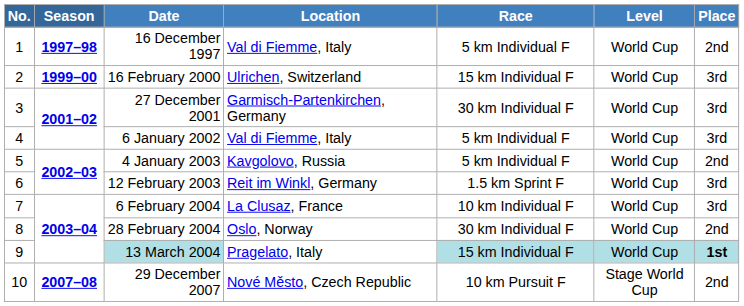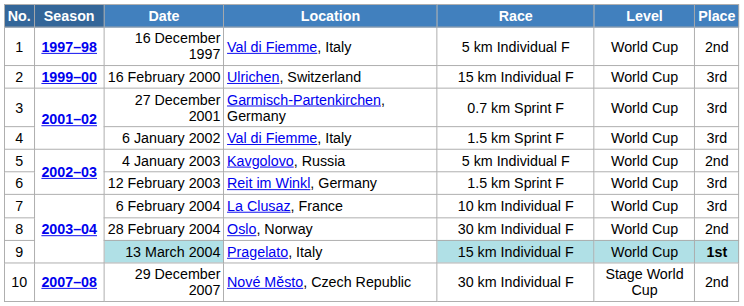 <table class="wikitable sortable" style="font-size:95%; text-align:center; border:grey solid 1px; border-collapse:collapse; background:#ffffff;">
 <tr style="background:#efefef;">
 <th style="background-color:#369; color:white;">No.</th>
 <th style="background-color:#369; color:white;">Season</th>
 <th style="background-color:#4180be; color:white; width:120px;">Date</th>
 <th style="background-color:#4180be; color:white; width:220px;">Location</th>
 <th style="background-color:#4180be; color:white; width:160px;">Race</th>
 <th style="background-color:#4180be; color:white; width:100px;">Level</th>
 <th style="background-color:#4180be; color:white;">Place</th>
 </tr>
 <tr>
 <td align=center>1</td>
 <td rowspan=1 align=center><strong> <a href='#'>1997–98</a> </strong></td>
 <td align=right>16 December 1997</td>
 <td align=left> <a href='#'>Val di Fiemme</a>, Italy</td>
 <td>5 km Individual F</td>
 <td>World Cup</td>
 <td>2nd</td>
 </tr>
 <tr>
 <td align=center>2</td>
 <td rowspan=1 align=center><strong> <a href='#'>1999–00</a> </strong></td>
 <td align=right>16 February 2000</td>
 <td align=left> <a href='#'>Ulrichen</a>, Switzerland</td>
 <td>15 km Individual F</td>
 <td>World Cup</td>
 <td>3rd</td>
 </tr>
 <tr>
 <td align=center>3</td>
 <td rowspan=2 align=center><strong> <a href='#'>2001–02</a> </strong></td>
 <td align=right>27 December 2001</td>
 <td align=left> <a href='#'>Garmisch-Partenkirchen</a>, Germany</td>
-<td>30 km Individual F</td>
+<td>0.7 km Sprint F</td>
 <td>World Cup</td>
 <td>3rd</td>
 </tr>
 <tr>
 <td align=center>4</td>
 <td align=right>6 January 2002</td>
 <td align=left> <a href='#'>Val di Fiemme</a>, Italy</td>
-<td>5 km Individual F</td>
+<td>1.5 km Sprint F</td>
 <td>World Cup</td>
 <td>3rd</td>
 </tr>
 <tr>
 <td align=center>5</td>
 <td rowspan=2 align=center><strong> <a href='#'>2002–03</a> </strong></td>
 <td align=right>4 January 2003</td>
 <td align=left> <a href='#'>Kavgolovo</a>, Russia</td>
 <td>5 km Individual F</td>
 <td>World Cup</td>
 <td>2nd</td>
 </tr>
 <tr>
 <td align=center>6</td>
 <td align=right>12 February 2003</td>
 <td align=left> <a href='#'>Reit im Winkl</a>, Germany</td>
 <td>1.5 km Sprint F</td>
 <td>World Cup</td>
 <td>3rd</td>
 </tr>
 <tr>
 <td align=center>7</td>
 <td rowspan=3 align=center><strong> <a href='#'>2003–04</a> </strong></td>
 <td align=right>6 February 2004</td>
 <td align=left> <a href='#'>La Clusaz</a>, France</td>
 <td>10 km Individual F</td>
 <td>World Cup</td>
 <td>3rd</td>
 </tr>
 <tr>
 <td align=center>8</td>
 <td align=right>28 February 2004</td>
 <td align=left> <a href='#'>Oslo</a>, Norway</td>
 <td>30 km Individual F</td>
 <td>World Cup</td>
 <td>2nd</td>
 </tr>
 <tr>
 <td align=center>9</td>
 <td bgcolor="#BOEOE6" align=right>13 March 2004</td>
 <td align=left> <a href='#'>Pragelato</a>, Italy</td>
 <td bgcolor="#BOEOE6">15 km Individual F</td>
 <td bgcolor="#BOEOE6">World Cup</td>
 <td bgcolor="#BOEOE6"><strong>1st</strong></td>
 </tr>
 <tr>
 <td align=center>10</td>
 <td rowspan=1 align=center><strong> <a href='#'>2007–08</a> </strong></td>
 <td align=right>29 December 2007</td>
 <td align=left> <a href='#'>Nové Město</a>, Czech Republic</td>
-<td>10 km Pursuit F</td>
+<td>30 km Individual F</td>
 <td>Stage World Cup</td>
 <td>2nd</td>
 </tr>
 </table>
